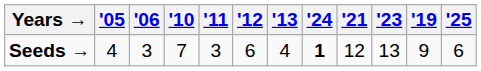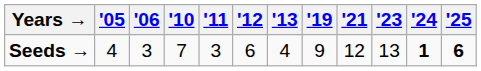 <table class="wikitable">
 <tr>
 <th>Years →</th>
 <th><a href='#'>'05</a></th>
 <th><a href='#'>'06</a></th>
 <th><a href='#'>'10</a></th>
 <th><a href='#'>'11</a></th>
 <th><a href='#'>'12</a></th>
 <th><a href='#'>'13</a></th>
-<th><a href='#'>'24</a></th>
+<th><a href='#'>'19</a></th>
 <th><a href='#'>'21</a></th>
 <th><a href='#'>'23</a></th>
-<th><a href='#'>'19</a></th>
+<th><a href='#'>'24</a></th>
 <th><a href='#'>'25</a></th>
 </tr>
 <tr align=center>
 <td style="text-align:left; "><strong>Seeds →</strong></td>
 <td>4</td>
 <td>3</td>
 <td>7</td>
 <td>3</td>
 <td>6</td>
 <td>4</td>
-<td><strong>1</strong></td>
+<td>9</td>
 <td>12</td>
 <td>13</td>
-<td>9</td>
-<td>6</td>
+<td><strong>1</strong></td>
+<td><strong>6</strong></td>
 </tr>
 </table>
